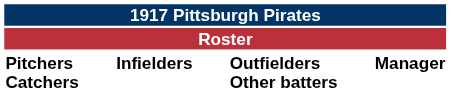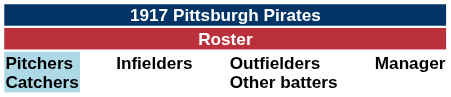 <table class="toccolours" style="font-size: 95%;">
 <tr>
 <th colspan="10" style="background-color: #023465; color: white; text-align: center;">1917 Pittsburgh Pirates</th>
 </tr>
 <tr>
 <td colspan="10" style="background-color: #ba313c; color: white; text-align: center;"><strong>Roster</strong></td>
 </tr>
 <tr>
-<td valign="top"><strong>Pitchers</strong><br>         <strong>Catchers</strong>     </td>
+<td valign="top" style="background: lightblue;"><strong>Pitchers</strong><br>         <strong>Catchers</strong>     </td>
 <td width="25px"></td>
 <td valign="top"><strong>Infielders</strong><br>                </td>
 <td width="25px"></td>
 <td valign="top"><strong>Outfielders</strong><br>         <strong>Other batters</strong> </td>
 <td width="25px"></td>
 <td valign="top"><strong>Manager</strong><br>  </td>
 </tr>
 </table>
